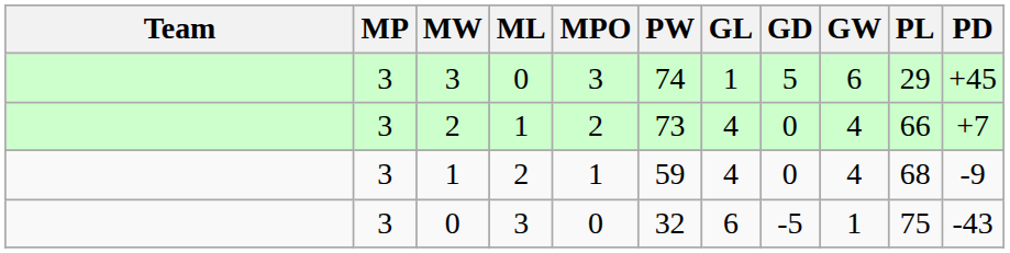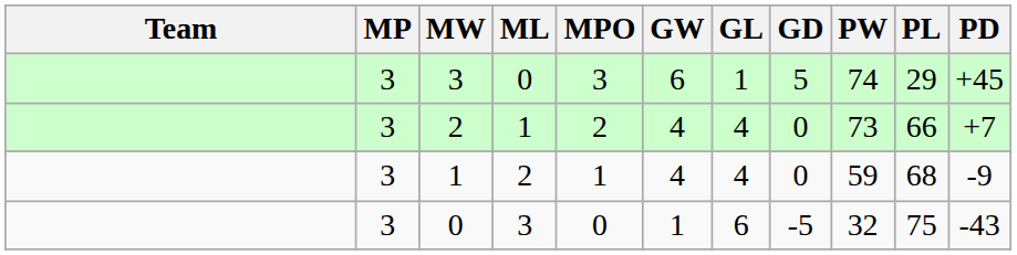 <table class=wikitable style="text-align:center">
 <tr>
 <th width=175>Team</th>
 <th width=20>MP</th>
 <th width=20>MW</th>
 <th width=20>ML</th>
 <th width=20>MPO</th>
-<th width=20>PW</th>
+<th width=20>GW</th>
 <th width=20>GL</th>
 <th width=20>GD</th>
-<th width=20>GW</th>
+<th width=20>PW</th>
 <th width=20>PL</th>
 <th width=20>PD</th>
 </tr>
 <tr bgcolor="#ccffcc">
 <td align=left><strong><br></strong></td>
 <td>3</td>
 <td>3</td>
 <td>0</td>
 <td>3</td>
-<td>74</td>
+<td>6</td>
 <td>1</td>
 <td>5</td>
-<td>6</td>
+<td>74</td>
 <td>29</td>
 <td>+45</td>
 </tr>
 <tr bgcolor="#ccffcc">
 <td align=left><strong><br></strong></td>
 <td>3</td>
 <td>2</td>
 <td>1</td>
 <td>2</td>
-<td>73</td>
+<td>4</td>
 <td>4</td>
 <td>0</td>
-<td>4</td>
+<td>73</td>
 <td>66</td>
 <td>+7</td>
 </tr>
 <tr>
 <td align=left><br></td>
 <td>3</td>
 <td>1</td>
 <td>2</td>
 <td>1</td>
-<td>59</td>
+<td>4</td>
 <td>4</td>
 <td>0</td>
-<td>4</td>
+<td>59</td>
 <td>68</td>
 <td>-9</td>
 </tr>
 <tr>
 <td align=left><br></td>
 <td>3</td>
 <td>0</td>
 <td>3</td>
 <td>0</td>
-<td>32</td>
+<td>1</td>
 <td>6</td>
 <td>-5</td>
-<td>1</td>
+<td>32</td>
 <td>75</td>
 <td>-43</td>
 </tr>
 </table>
